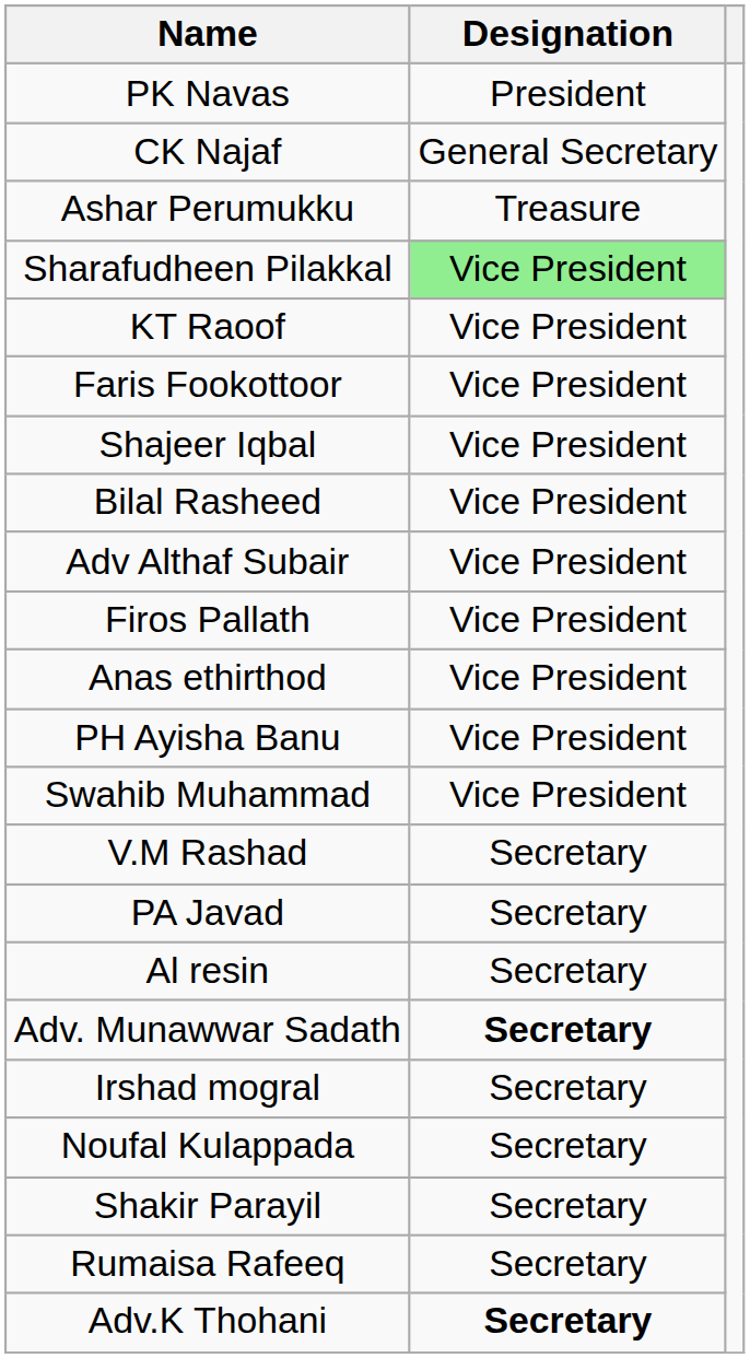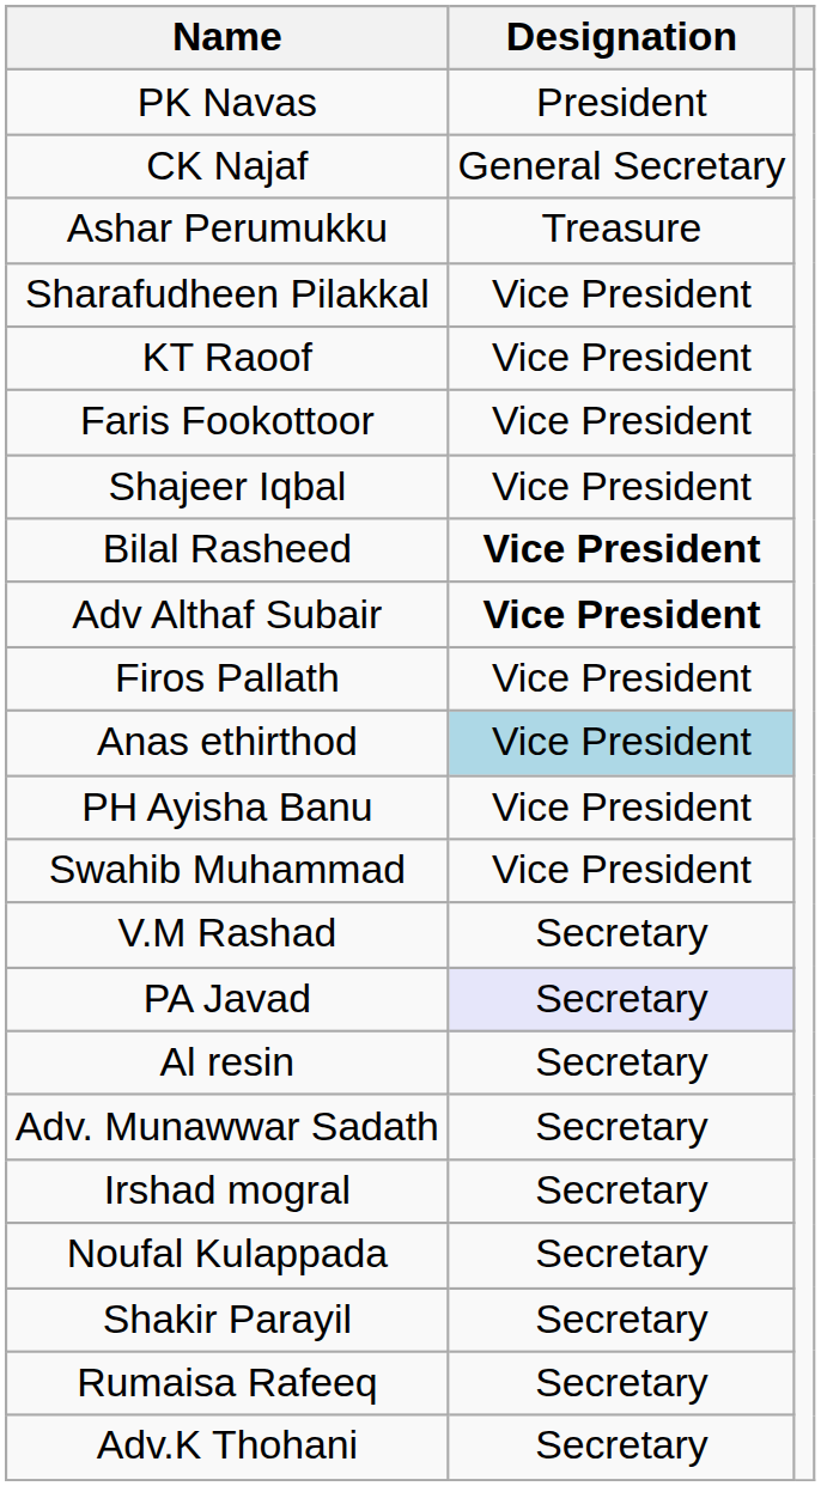 <table class=" wikitable">
 <tr style="background:#ccc; text-align:center;">
 <th>Name</th>
 <th>Designation</th>
 <th></th>
 </tr>
 <tr style="vertical-align: middle; text-align: center;">
 <td>PK Navas</td>
 <td>President</td>
 </tr>
 <tr style="vertical-align: middle; text-align: center;">
 <td>CK Najaf</td>
 <td>General Secretary</td>
 </tr>
 <tr style="vertical-align: middle; text-align: center;">
 <td>Ashar Perumukku</td>
 <td>Treasure</td>
 </tr>
 <tr style="vertical-align: middle; text-align: center;">
 <td>Sharafudheen Pilakkal</td>
-<td style="background: lightgreen;">Vice President</td>
+<td>Vice President</td>
 </tr>
 <tr style="vertical-align: middle; text-align: center;">
 <td>KT Raoof</td>
 <td>Vice President</td>
 </tr>
 <tr style="vertical-align: middle; text-align: center;">
 <td>Faris Fookottoor</td>
 <td>Vice President</td>
 </tr>
 <tr style="vertical-align: middle; text-align: center;">
 <td>Shajeer Iqbal</td>
 <td>Vice President</td>
 </tr>
 <tr style="vertical-align: middle; text-align: center;">
 <td>Bilal Rasheed</td>
-<td>Vice President</td>
+<td><strong>Vice President</strong></td>
 </tr>
 <tr style="vertical-align: middle; text-align: center;">
 <td>Adv Althaf Subair</td>
-<td>Vice President</td>
+<td><strong>Vice President</strong></td>
 </tr>
 <tr style="vertical-align: middle; text-align: center;">
 <td>Firos Pallath</td>
 <td>Vice President</td>
 </tr>
 <tr style="vertical-align: middle; text-align: center;">
 <td>Anas ethirthod</td>
-<td>Vice President</td>
+<td style="background: lightblue;">Vice President</td>
 </tr>
 <tr style="vertical-align: middle; text-align: center;">
 <td>PH Ayisha Banu</td>
 <td>Vice President</td>
 </tr>
 <tr style="vertical-align: middle; text-align: center;">
 <td>Swahib Muhammad</td>
 <td>Vice President</td>
 </tr>
 <tr style="vertical-align: middle; text-align: center;">
 <td>V.M Rashad</td>
 <td>Secretary</td>
 </tr>
 <tr style="vertical-align: middle; text-align: center;">
 <td>PA Javad</td>
-<td>Secretary</td>
+<td style="background: lavender;">Secretary</td>
 </tr>
 <tr style="vertical-align: middle; text-align: center;">
 <td>Al resin</td>
 <td>Secretary</td>
 </tr>
 <tr style="vertical-align: middle; text-align: center;">
 <td>Adv. Munawwar Sadath</td>
-<td><strong>Secretary</strong></td>
+<td>Secretary</td>
 </tr>
 <tr style="vertical-align: middle; text-align: center;">
 <td>Irshad mogral</td>
 <td>Secretary</td>
 </tr>
 <tr style="vertical-align: middle; text-align: center;">
 <td>Noufal Kulappada</td>
 <td>Secretary</td>
 </tr>
 <tr style="vertical-align: middle; text-align: center;">
 <td>Shakir Parayil</td>
 <td>Secretary</td>
 </tr>
 <tr style="vertical-align: middle; text-align: center;">
 <td>Rumaisa Rafeeq</td>
 <td>Secretary</td>
 </tr>
 <tr style="vertical-align: middle; text-align: center;">
 <td>Adv.K Thohani</td>
-<td><strong>Secretary</strong></td>
+<td>Secretary</td>
 </tr>
 <tr style="vertical-align: middle; text-align: center;">
 </tr>
 </table>
